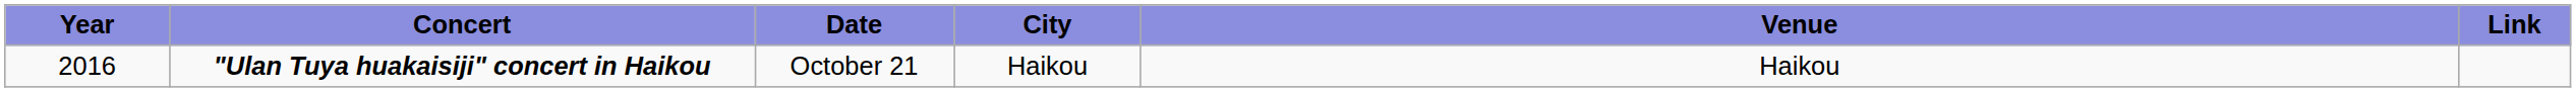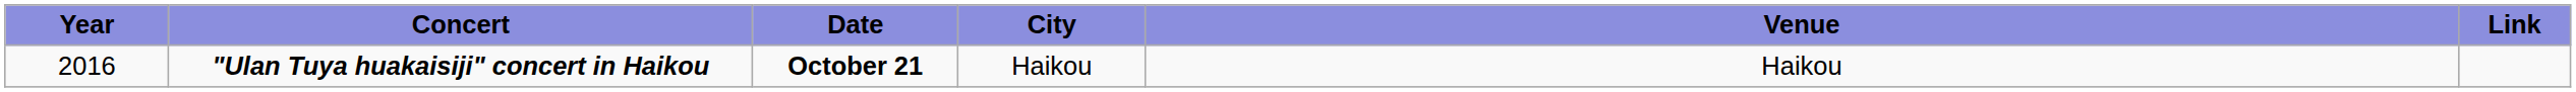 <table class="wikitable sortable mw-collapsible" width="80%" style="text-align:center">
 <tr align="center" style="background:#8B8EDE">
 <td style="width:2%"><strong>Year</strong></td>
 <td style="width:8%"><strong>Concert</strong></td>
 <td style="width:2%"><strong>Date</strong></td>
 <td style="width:2%"><strong>City</strong></td>
 <td style="width:18%"><strong>Venue</strong></td>
 <td style="width:1%"><strong>Link</strong></td>
 </tr>
 <tr>
 <td rowspan="2">2016</td>
 <td rowspan="2"><strong><em>"Ulan Tuya huakaisiji" concert in Haikou</em></strong></td>
-<td>October 21</td>
+<td><strong>October 21</strong></td>
 <td>Haikou</td>
 <td>Haikou</td>
 <td></td>
 </tr>
 </table>
